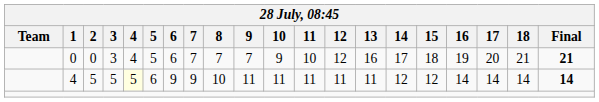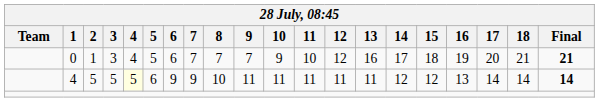 <table class=wikitable style="text-align:center; width: 55%">
 <tr>
 <th colspan=20><em>28 July, 08:45</em></th>
 </tr>
 <tr>
 <th>Team</th>
 <th>1</th>
 <th>2</th>
 <th>3</th>
 <th>4</th>
 <th>5</th>
 <th>6</th>
 <th>7</th>
 <th>8</th>
 <th>9</th>
 <th>10</th>
 <th>11</th>
 <th>12</th>
 <th>13</th>
 <th>14</th>
 <th>15</th>
 <th>16</th>
 <th>17</th>
 <th>18</th>
 <th>Final</th>
 </tr>
 <tr>
 <td align=left><strong></strong></td>
 <td>0</td>
-<td>0</td>
+<td>1</td>
 <td>3</td>
 <td>4</td>
 <td>5</td>
 <td>6</td>
 <td>7</td>
 <td>7</td>
 <td>7</td>
 <td>9</td>
 <td>10</td>
 <td>12</td>
 <td>16</td>
 <td>17</td>
 <td>18</td>
 <td>19</td>
 <td>20</td>
 <td>21</td>
 <td><strong>21</strong></td>
 </tr>
 <tr>
 <td align=left></td>
 <td>4</td>
 <td>5</td>
 <td>5</td>
 <td style="background: lightyellow;">5</td>
 <td>6</td>
 <td>9</td>
 <td>9</td>
 <td>10</td>
 <td>11</td>
 <td>11</td>
 <td>11</td>
 <td>11</td>
 <td>11</td>
 <td>12</td>
 <td>12</td>
-<td>14</td>
+<td>13</td>
 <td>14</td>
 <td>14</td>
 <td><strong>14</strong></td>
 </tr>
 <tr>
 <td colspan=20></td>
 </tr>
 </table>
